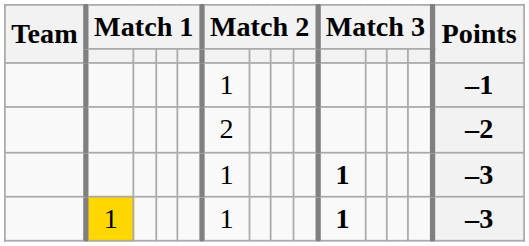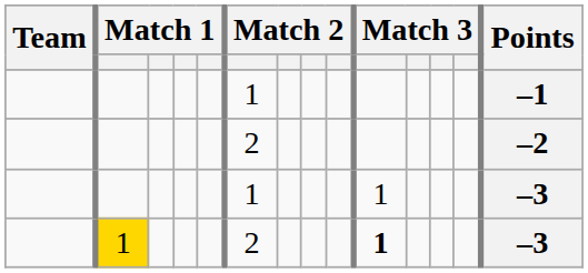 <table class="wikitable sortable" style="text-align:center;">
 <tr>
 <th rowspan=2>Team</th>
 <th colspan=4 style="border-left:3px solid gray">Match 1</th>
 <th colspan=4 style="border-left:3px solid gray">Match 2</th>
 <th colspan=4 style="border-left:3px solid gray">Match 3</th>
 <th rowspan=2 style="border-left:3px solid gray">Points</th>
 </tr>
 <tr>
 <th style="border-left:3px solid gray"></th>
 <th></th>
 <th></th>
 <th></th>
 <th style="border-left:3px solid gray"></th>
 <th></th>
 <th></th>
 <th></th>
 <th style="border-left:3px solid gray"></th>
 <th></th>
 <th></th>
 <th></th>
 </tr>
 <tr>
 <td align=left></td>
 <td style="border-left:3px solid gray"></td>
 <td></td>
 <td></td>
 <td></td>
 <td style="border-left:3px solid gray">1</td>
 <td></td>
 <td></td>
 <td></td>
 <td style="border-left:3px solid gray"></td>
 <td></td>
 <td></td>
 <td></td>
 <th style="border-left:3px solid gray">–1</th>
 </tr>
 <tr>
 <td align=left></td>
 <td style="border-left:3px solid gray"></td>
 <td></td>
 <td></td>
 <td></td>
 <td style="border-left:3px solid gray">2</td>
 <td></td>
 <td></td>
 <td></td>
 <td style="border-left:3px solid gray"></td>
 <td></td>
 <td></td>
 <td></td>
 <th style="border-left:3px solid gray">–2</th>
 </tr>
 <tr>
 <td align=left></td>
 <td style="border-left:3px solid gray"></td>
 <td></td>
 <td></td>
 <td></td>
 <td style="border-left:3px solid gray">1</td>
 <td></td>
 <td></td>
 <td></td>
-<td style="border-left:3px solid gray"><strong>1</strong></td>
+<td style="border-left:3px solid gray">1</td>
 <td></td>
 <td></td>
 <td></td>
 <th style="border-left:3px solid gray">–3</th>
 </tr>
 <tr>
 <td align=left></td>
 <td style="background: gold; border-left:3px solid gray">1</td>
 <td></td>
 <td></td>
 <td></td>
-<td style="border-left:3px solid gray">1</td>
+<td style="border-left:3px solid gray">2</td>
 <td></td>
 <td></td>
 <td></td>
 <td style="border-left:3px solid gray"><strong>1</strong></td>
 <td></td>
 <td></td>
 <td></td>
 <th style="border-left:3px solid gray">–3</th>
 </tr>
 </table>
